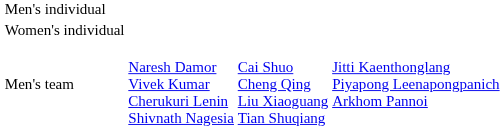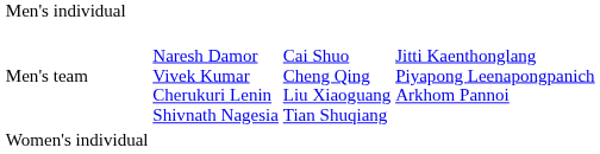 <table>
 <tr>
 <td>Men's individual</td>
-<td></td>
-<td></td>
-<td></td>
-</tr>
-<tr>
-<td>Women's individual</td>
 <td></td>
 <td></td>
 <td></td>
 </tr>
 <tr>
 <td>Men's team</td>
 <td><br><a href='#'>Naresh Damor</a><br><a href='#'>Vivek Kumar</a><br><a href='#'>Cherukuri Lenin</a><br><a href='#'>Shivnath Nagesia</a></td>
 <td><br><a href='#'>Cai Shuo</a><br><a href='#'>Cheng Qing</a><br><a href='#'>Liu Xiaoguang</a><br><a href='#'>Tian Shuqiang</a></td>
 <td valign=top><br><a href='#'>Jitti Kaenthonglang</a><br><a href='#'>Piyapong Leenapongpanich</a><br><a href='#'>Arkhom Pannoi</a></td>
 </tr>
+<tr>
+<td>Women's individual</td>
+<td></td>
+<td></td>
+<td></td>
+</tr>
 </table>
